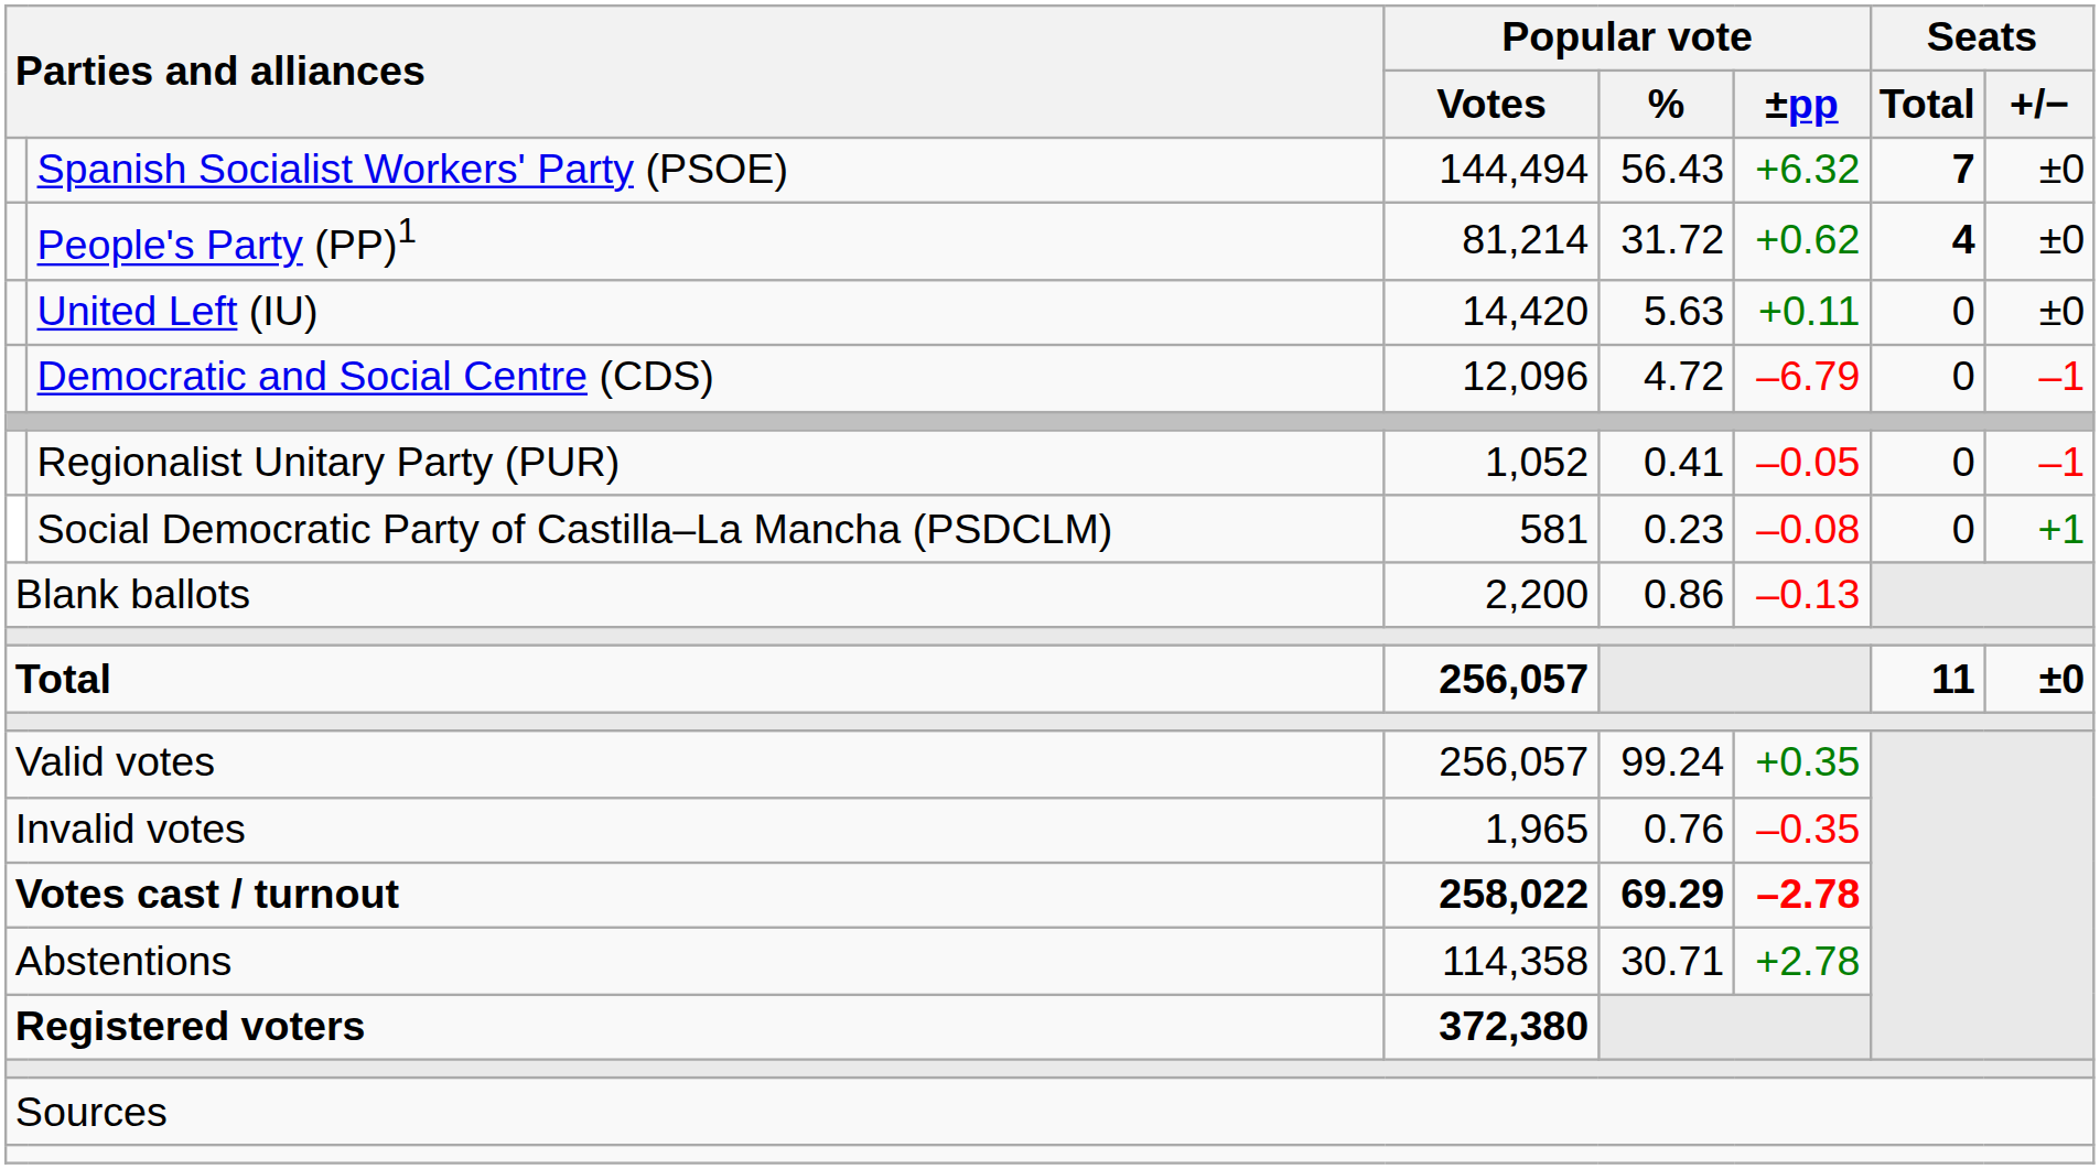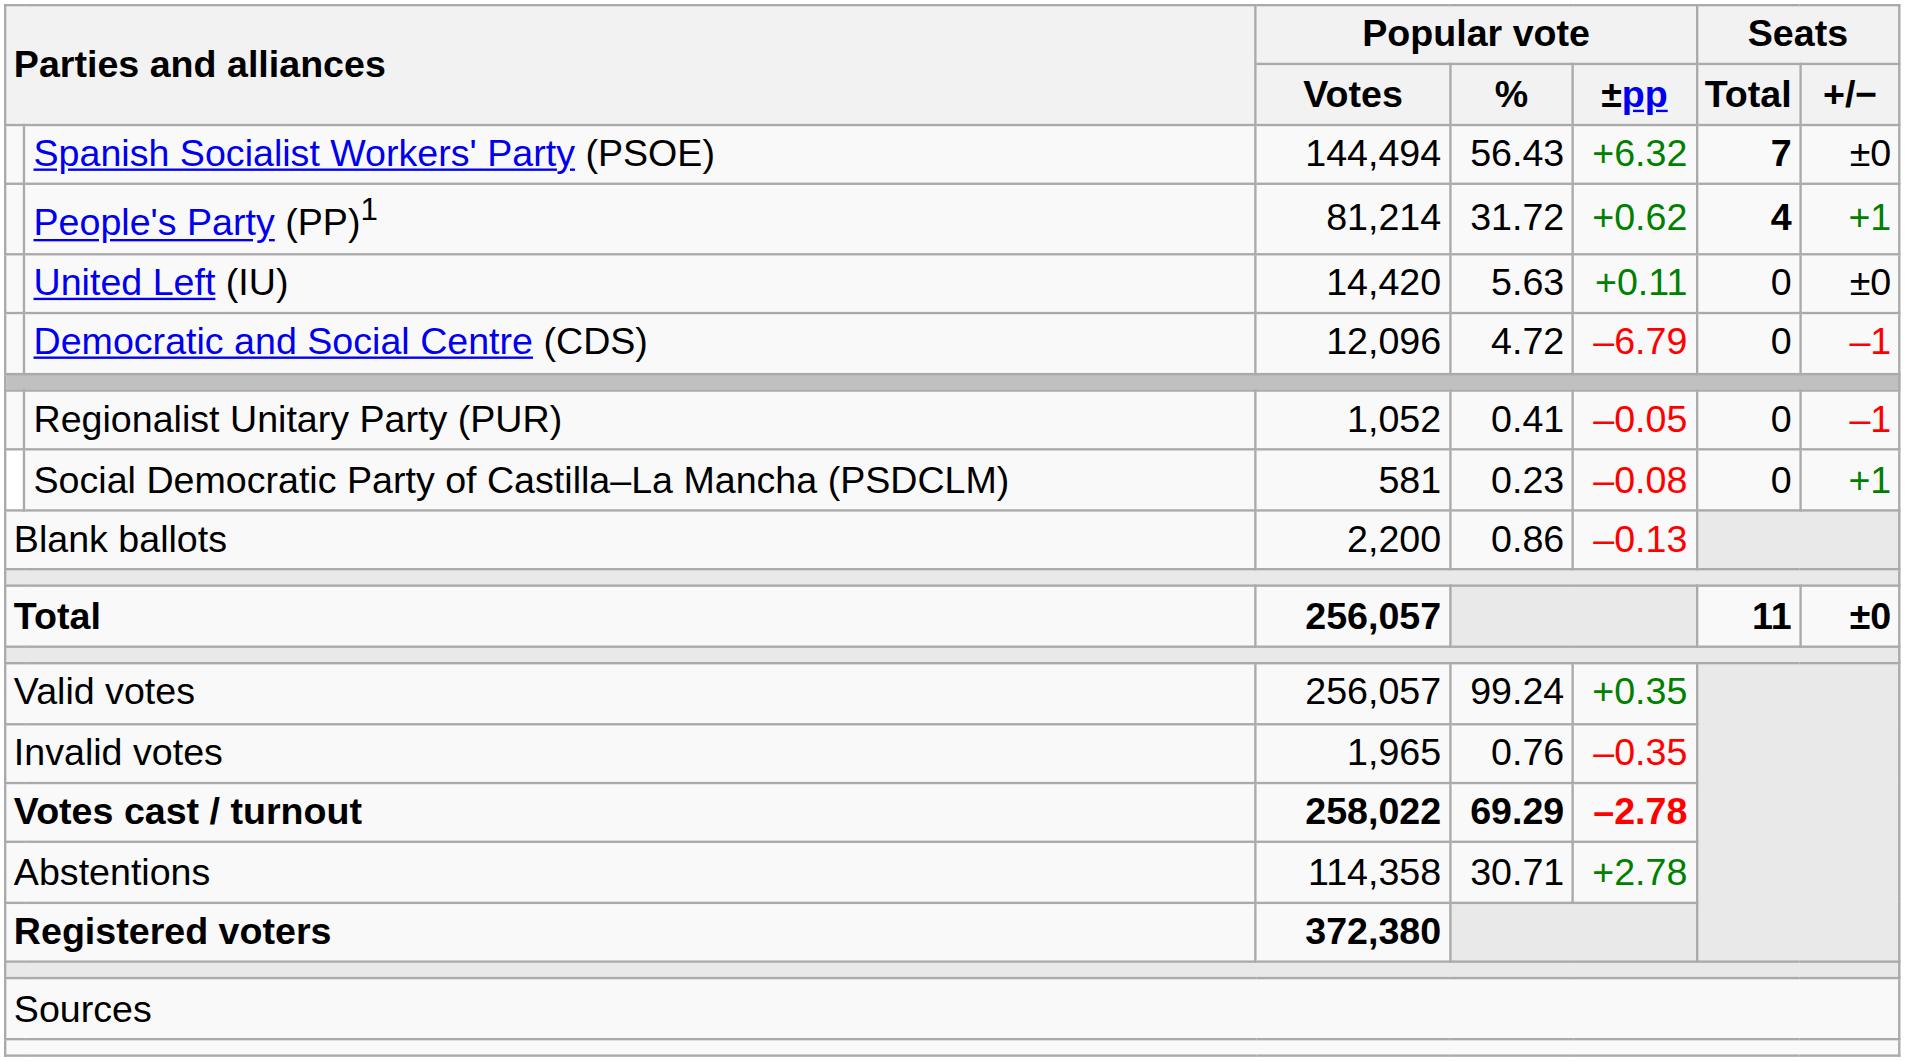 <table class="wikitable" style="text-align:right;">
 <tr>
 <th style="text-align:left;" rowspan="2" colspan="2" width="525">Parties and alliances</th>
 <th colspan="3">Popular vote</th>
 <th colspan="2">Seats</th>
 </tr>
 <tr>
 <th width="75">Votes</th>
 <th width="45">%</th>
 <th width="45">±<a href='#'>pp</a></th>
 <th width="35">Total</th>
 <th width="35">+/−</th>
 </tr>
 <tr>
 <td width="1" style="color:inherit;background:"></td>
 <td align="left"><a href='#'>Spanish Socialist Workers' Party</a> (PSOE)</td>
 <td>144,494</td>
 <td>56.43</td>
 <td style="color:green;">+6.32</td>
 <td><strong>7</strong></td>
 <td>±0</td>
 </tr>
 <tr>
 <td style="color:inherit;background:"></td>
 <td align="left"><a href='#'>People's Party</a> (PP)<sup>1</sup></td>
 <td>81,214</td>
 <td>31.72</td>
 <td style="color:green;">+0.62</td>
 <td><strong>4</strong></td>
-<td>±0</td>
+<td style="color:green;">+1</td>
 </tr>
 <tr>
 <td style="color:inherit;background:"></td>
 <td align="left"><a href='#'>United Left</a> (IU)</td>
 <td>14,420</td>
 <td>5.63</td>
 <td style="color:green;">+0.11</td>
 <td>0</td>
 <td>±0</td>
 </tr>
 <tr>
 <td style="color:inherit;background:"></td>
 <td align="left"><a href='#'>Democratic and Social Centre</a> (CDS)</td>
 <td>12,096</td>
 <td>4.72</td>
 <td style="color:red;">–6.79</td>
 <td>0</td>
 <td style="color:red;">–1</td>
 </tr>
 <tr>
 <td colspan="7" bgcolor="#C0C0C0"></td>
 </tr>
 <tr>
 <td style="color:inherit;background:"></td>
 <td align="left">Regionalist Unitary Party (PUR)</td>
 <td>1,052</td>
 <td>0.41</td>
 <td style="color:red;">–0.05</td>
 <td>0</td>
 <td style="color:red;">–1</td>
 </tr>
 <tr>
 <td bgcolor="white"></td>
 <td align="left">Social Democratic Party of Castilla–La Mancha (PSDCLM)</td>
 <td>581</td>
 <td>0.23</td>
 <td style="color:red;">–0.08</td>
 <td>0</td>
 <td style="color:green;">+1</td>
 </tr>
 <tr>
 <td align="left" colspan="2">Blank ballots</td>
 <td>2,200</td>
 <td>0.86</td>
 <td style="color:red;">–0.13</td>
 <td bgcolor="#E9E9E9" colspan="2"></td>
 </tr>
 <tr>
 <td colspan="7" bgcolor="#E9E9E9"></td>
 </tr>
 <tr style="font-weight:bold;">
 <td align="left" colspan="2">Total</td>
 <td>256,057</td>
 <td bgcolor="#E9E9E9" colspan="2"></td>
 <td>11</td>
 <td>±0</td>
 </tr>
 <tr>
 <td colspan="7" bgcolor="#E9E9E9"></td>
 </tr>
 <tr>
 <td align="left" colspan="2">Valid votes</td>
 <td>256,057</td>
 <td>99.24</td>
 <td style="color:green;">+0.35</td>
 <td bgcolor="#E9E9E9" colspan="2" rowspan="5"></td>
 </tr>
 <tr>
 <td align="left" colspan="2">Invalid votes</td>
 <td>1,965</td>
 <td>0.76</td>
 <td style="color:red;">–0.35</td>
 </tr>
 <tr style="font-weight:bold;">
 <td align="left" colspan="2">Votes cast / turnout</td>
 <td>258,022</td>
 <td>69.29</td>
 <td style="color:red;">–2.78</td>
 </tr>
 <tr>
 <td align="left" colspan="2">Abstentions</td>
 <td>114,358</td>
 <td>30.71</td>
 <td style="color:green;">+2.78</td>
 </tr>
 <tr style="font-weight:bold;">
 <td align="left" colspan="2">Registered voters</td>
 <td>372,380</td>
 <td bgcolor="#E9E9E9" colspan="2"></td>
 </tr>
 <tr>
 <td colspan="7" bgcolor="#E9E9E9"></td>
 </tr>
 <tr>
 <td align="left" colspan="7">Sources</td>
 </tr>
 <tr>
 <td colspan="7" style="text-align:left; max-width:790px;"></td>
 </tr>
 </table>
